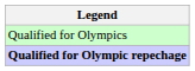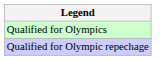 <table class="wikitable">
 <tr>
 <th>Legend</th>
 </tr>
 <tr bgcolor="ccffcc">
 <td>Qualified for Olympics</td>
 </tr>
 <tr bgcolor="ccccff">
-<td><strong>Qualified for Olympic repechage</strong></td>
+<td>Qualified for Olympic repechage</td>
 </tr>
 </table>
